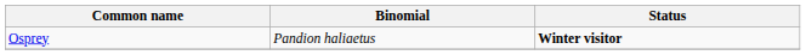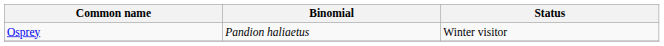 <table width=72% class="wikitable">
 <tr>
 <th width=24%>Common name</th>
 <th width=24%>Binomial</th>
 <th width=24%>Status</th>
 </tr>
 <tr>
 <td><a href='#'>Osprey</a></td>
 <td><em>Pandion haliaetus</em></td>
-<td><strong>Winter visitor</strong></td>
+<td>Winter visitor</td>
 </tr>
 <tr>
 </tr>
 </table>
